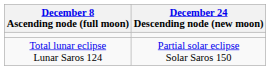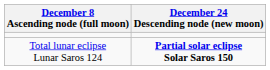 <table class="wikitable">
 <tr>
 <th><a href='#'>December 8</a><br>Ascending node (full moon)</th>
 <th><a href='#'>December 24</a><br>Descending node (new moon)</th>
 </tr>
 <tr>
 <td></td>
 <td></td>
 </tr>
 <tr align=center>
 <td><a href='#'>Total lunar eclipse</a><br>Lunar Saros 124</td>
-<td><a href='#'>Partial solar eclipse</a><br>Solar Saros 150</td>
+<td><strong><a href='#'>Partial solar eclipse</a><br>Solar Saros 150</strong></td>
 </tr>
 </table>
